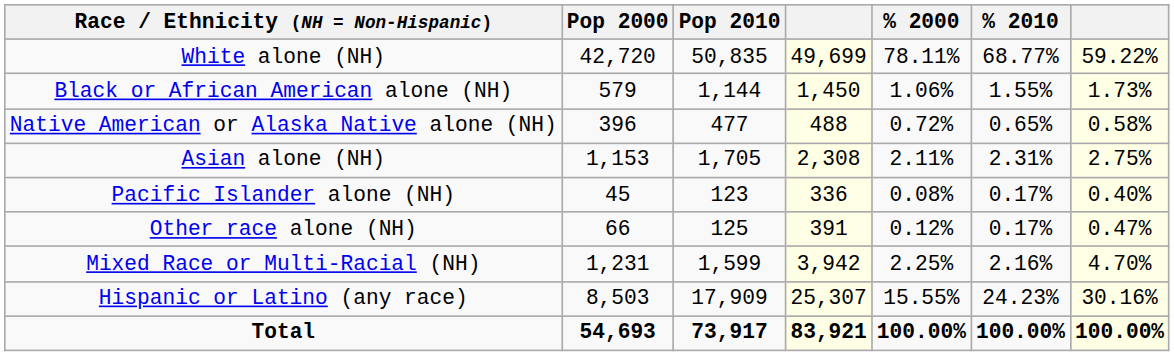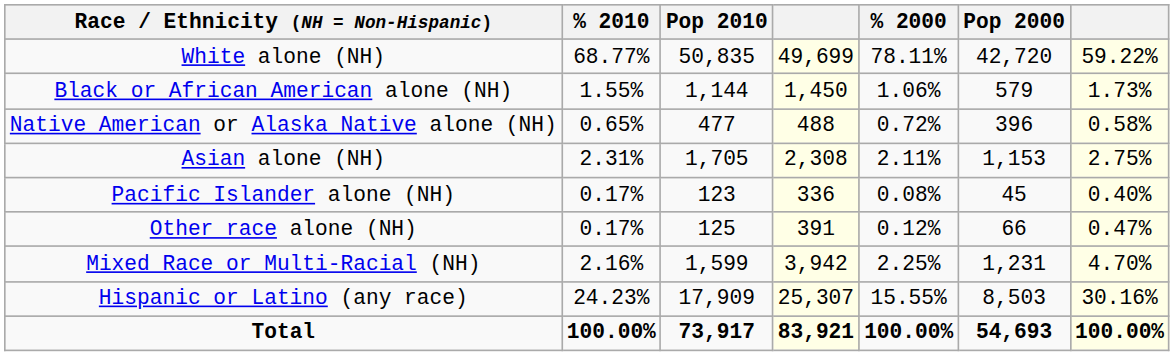 <table class="wikitable" style="text-align:center;">
 <tr>
 <th>Race / Ethnicity <small>(<em>NH = Non-Hispanic</em>)</small></th>
-<th>Pop 2000</th>
+<th>% 2010</th>
 <th>Pop 2010</th>
 <th></th>
 <th>% 2000</th>
-<th>% 2010</th>
+<th>Pop 2000</th>
 <th></th>
 </tr>
 <tr>
 <td><a href='#'>White</a> alone (NH)</td>
-<td>42,720</td>
+<td>68.77%</td>
 <td>50,835</td>
 <td style='background: #ffffe6;'>49,699</td>
 <td>78.11%</td>
-<td>68.77%</td>
+<td>42,720</td>
 <td style='background: #ffffe6;'>59.22%</td>
 </tr>
 <tr>
 <td><a href='#'>Black or African American</a> alone (NH)</td>
-<td>579</td>
+<td>1.55%</td>
 <td>1,144</td>
 <td style='background: #ffffe6;'>1,450</td>
 <td>1.06%</td>
-<td>1.55%</td>
+<td>579</td>
 <td style='background: #ffffe6;'>1.73%</td>
 </tr>
 <tr>
 <td><a href='#'>Native American</a> or <a href='#'>Alaska Native</a> alone (NH)</td>
-<td>396</td>
+<td>0.65%</td>
 <td>477</td>
 <td style='background: #ffffe6;'>488</td>
 <td>0.72%</td>
-<td>0.65%</td>
+<td>396</td>
 <td style='background: #ffffe6;'>0.58%</td>
 </tr>
 <tr>
 <td><a href='#'>Asian</a> alone (NH)</td>
-<td>1,153</td>
+<td>2.31%</td>
 <td>1,705</td>
 <td style='background: #ffffe6;'>2,308</td>
 <td>2.11%</td>
-<td>2.31%</td>
+<td>1,153</td>
 <td style='background: #ffffe6;'>2.75%</td>
 </tr>
 <tr>
 <td><a href='#'>Pacific Islander</a> alone (NH)</td>
-<td>45</td>
+<td>0.17%</td>
 <td>123</td>
 <td style='background: #ffffe6;'>336</td>
 <td>0.08%</td>
-<td>0.17%</td>
+<td>45</td>
 <td style='background: #ffffe6;'>0.40%</td>
 </tr>
 <tr>
 <td><a href='#'>Other race</a> alone (NH)</td>
-<td>66</td>
+<td>0.17%</td>
 <td>125</td>
 <td style='background: #ffffe6;'>391</td>
 <td>0.12%</td>
-<td>0.17%</td>
+<td>66</td>
 <td style='background: #ffffe6;'>0.47%</td>
 </tr>
 <tr>
 <td><a href='#'>Mixed Race or Multi-Racial</a> (NH)</td>
-<td>1,231</td>
+<td>2.16%</td>
 <td>1,599</td>
 <td style='background: #ffffe6;'>3,942</td>
 <td>2.25%</td>
-<td>2.16%</td>
+<td>1,231</td>
 <td style='background: #ffffe6;'>4.70%</td>
 </tr>
 <tr>
 <td><a href='#'>Hispanic or Latino</a> (any race)</td>
-<td>8,503</td>
+<td>24.23%</td>
 <td>17,909</td>
 <td style='background: #ffffe6;'>25,307</td>
 <td>15.55%</td>
-<td>24.23%</td>
+<td>8,503</td>
 <td style='background: #ffffe6;'>30.16%</td>
 </tr>
 <tr>
 <td><strong>Total</strong></td>
-<td><strong>54,693</strong></td>
+<td><strong>100.00%</strong></td>
 <td><strong>73,917</strong></td>
 <td style='background: #ffffe6;'><strong>83,921</strong></td>
 <td><strong>100.00%</strong></td>
-<td><strong>100.00%</strong></td>
+<td><strong>54,693</strong></td>
 <td style='background: #ffffe6;'><strong>100.00%</strong></td>
 </tr>
 </table>
